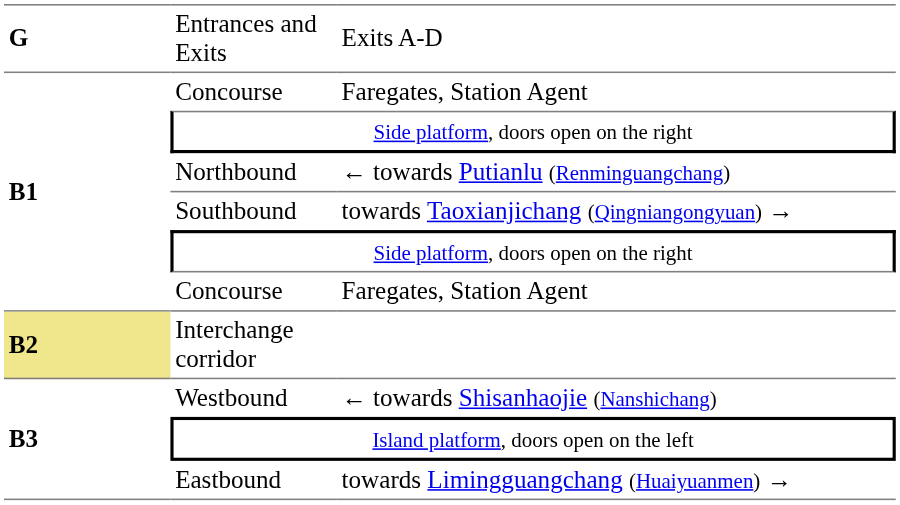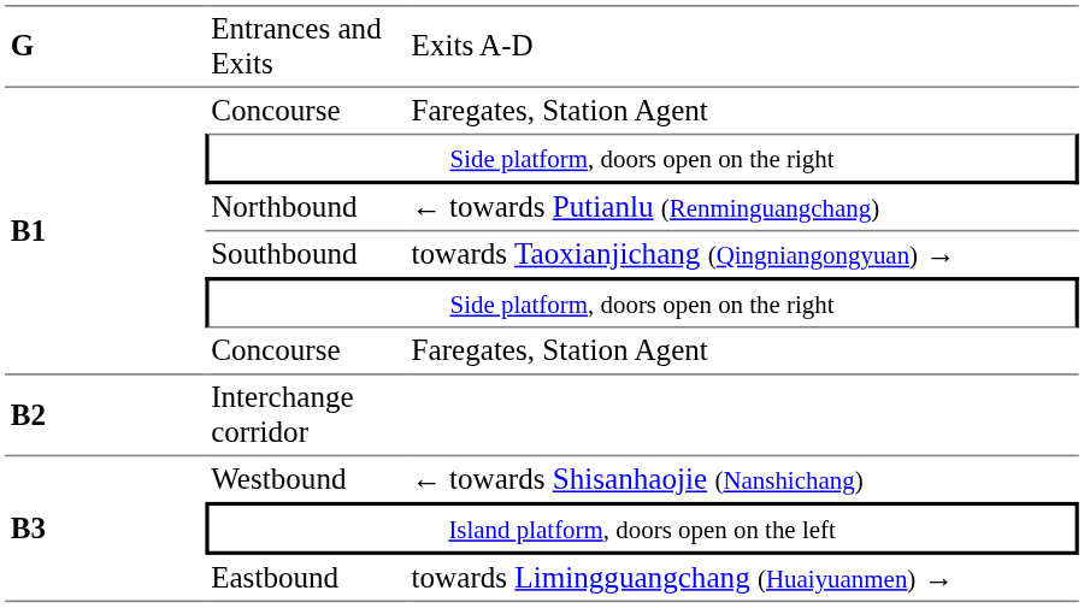 <table cellspacing=0 cellpadding=3>
 <tr>
 <td style="border-top:solid 1px gray;border-bottom:solid 1px gray;" width=100><strong>G</strong></td>
 <td style="border-top:solid 1px gray;border-bottom:solid 1px gray;" width=100>Entrances and Exits</td>
 <td style="border-top:solid 1px gray;border-bottom:solid 1px gray;" width=350>Exits A-D</td>
 </tr>
 <tr>
 <td style="border-bottom:solid 1px gray;" rowspan=6><strong>B1</strong></td>
 <td>Concourse</td>
 <td>Faregates, Station Agent</td>
 </tr>
 <tr>
 <td style="border-top:solid 1px gray;border-right:solid 2px black;border-left:solid 2px black;border-bottom:solid 2px black;text-align:center;" colspan=2><small><a href='#'>Side platform</a>, doors open on the right</small></td>
 </tr>
 <tr>
 <td style="border-bottom:solid 1px gray;">Northbound</td>
 <td style="border-bottom:solid 1px gray;">←  towards <a href='#'>Putianlu</a> <small>(<a href='#'>Renminguangchang</a>)</small></td>
 </tr>
 <tr>
 <td>Southbound</td>
 <td>  towards <a href='#'>Taoxianjichang</a> <small>(<a href='#'>Qingniangongyuan</a>)</small> →</td>
 </tr>
 <tr>
 <td style="border-top:solid 2px black;border-right:solid 2px black;border-left:solid 2px black;border-bottom:solid 1px gray;text-align:center;" colspan=2><small><a href='#'>Side platform</a>, doors open on the right</small></td>
 </tr>
 <tr>
 <td style="border-bottom:solid 1px gray;">Concourse</td>
 <td style="border-bottom:solid 1px gray;">Faregates, Station Agent</td>
 </tr>
 <tr>
-<td style="background: khaki; border-bottom:solid 1px gray;"><strong>B2</strong></td>
+<td style="border-bottom:solid 1px gray;"><strong>B2</strong></td>
 <td style="border-bottom:solid 1px gray;">Interchange corridor</td>
 <td style="border-bottom:solid 1px gray;"></td>
 </tr>
 <tr>
 <td style="border-bottom:solid 1px gray;" rowspan=3><strong>B3</strong></td>
 <td>Westbound</td>
 <td>←  towards <a href='#'>Shisanhaojie</a> <small>(<a href='#'>Nanshichang</a>)</small></td>
 </tr>
 <tr>
 <td style="border-right:solid 2px black;border-left:solid 2px black;border-top:solid 2px black;border-bottom:solid 2px black;text-align:center;" colspan=2><small><a href='#'>Island platform</a>, doors open on the left</small></td>
 </tr>
 <tr>
 <td style="border-bottom:solid 1px gray;">Eastbound</td>
 <td style="border-bottom:solid 1px gray;">  towards <a href='#'>Limingguangchang</a> <small>(<a href='#'>Huaiyuanmen</a>)</small> →</td>
 </tr>
 </table>
